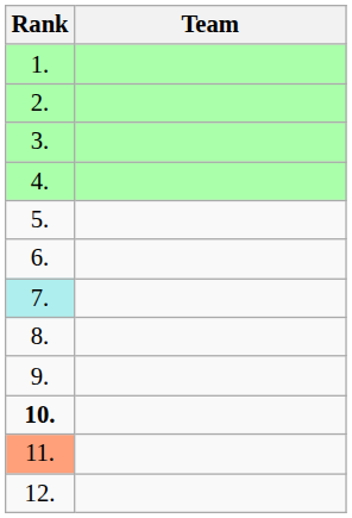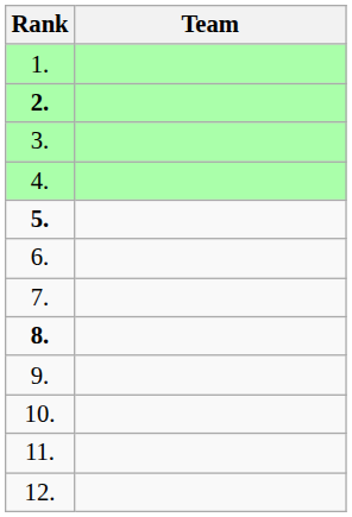 <table class="wikitable">
 <tr>
 <th>Rank</th>
 <th width=170>Team</th>
 </tr>
 <tr bgcolor=#AAFFAA>
 <td align="center">1.</td>
 <td></td>
 </tr>
 <tr bgcolor=#AAFFAA>
-<td align="center">2.</td>
+<td align="center"><strong>2.</strong></td>
 <td></td>
 </tr>
 <tr bgcolor=#AAFFAA>
 <td align="center">3.</td>
 <td></td>
 </tr>
 <tr bgcolor=#AAFFAA>
 <td align="center">4.</td>
 <td></td>
 </tr>
 <tr>
-<td align="center">5.</td>
+<td align="center"><strong>5.</strong></td>
 <td></td>
 </tr>
 <tr>
 <td align="center">6.</td>
 <td></td>
 </tr>
 <tr>
-<td align="center" style="background: paleturquoise;">7.</td>
+<td align="center">7.</td>
 <td></td>
 </tr>
 <tr>
-<td align="center">8.</td>
+<td align="center"><strong>8.</strong></td>
 <td></td>
 </tr>
 <tr>
 <td align="center">9.</td>
 <td></td>
 </tr>
 <tr>
-<td align="center"><strong>10.</strong></td>
+<td align="center">10.</td>
 <td></td>
 </tr>
 <tr>
-<td align="center" style="background: lightsalmon;">11.</td>
+<td align="center">11.</td>
 <td></td>
 </tr>
 <tr>
 <td align="center">12.</td>
 <td></td>
 </tr>
 </table>
